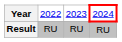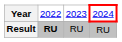 <table class="wikitable" style="text-align:center; font-size:90%; background:white">
 <tr>
 <th>Year</th>
 <td><a href='#'>2022</a></td>
 <td><a href='#'>2023</a></td>
 <td style="border: 3px solid red"><a href='#'>2024</a></td>
 </tr>
 <tr>
 <th>Result</th>
-<td bgcolor="silver">RU</td>
+<td bgcolor="silver"><strong>RU</strong></td>
 <td bgcolor="silver">RU</td>
 <td bgcolor="silver">RU</td>
 </tr>
 </table>
